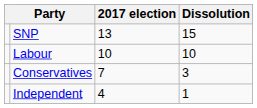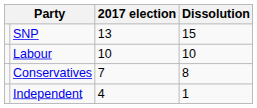 <table class="wikitable sortable">
 <tr>
 <th colspan="2" scope="col">Party</th>
 <th>2017 election</th>
 <th>Dissolution</th>
 </tr>
 <tr>
 <td style="background-color: "></td>
 <td><a href='#'>SNP</a></td>
 <td>13</td>
 <td>15</td>
 </tr>
 <tr>
 <td style="background-color: "></td>
 <td><a href='#'>Labour</a></td>
 <td>10</td>
 <td>10</td>
 </tr>
 <tr>
 <td style="background-color: "></td>
 <td><a href='#'>Conservatives</a></td>
 <td>7</td>
-<td>3</td>
+<td>8</td>
 </tr>
 <tr>
 <td style="background-color: "></td>
 <td><a href='#'>Independent</a></td>
 <td>4</td>
 <td>1</td>
 </tr>
 </table>
